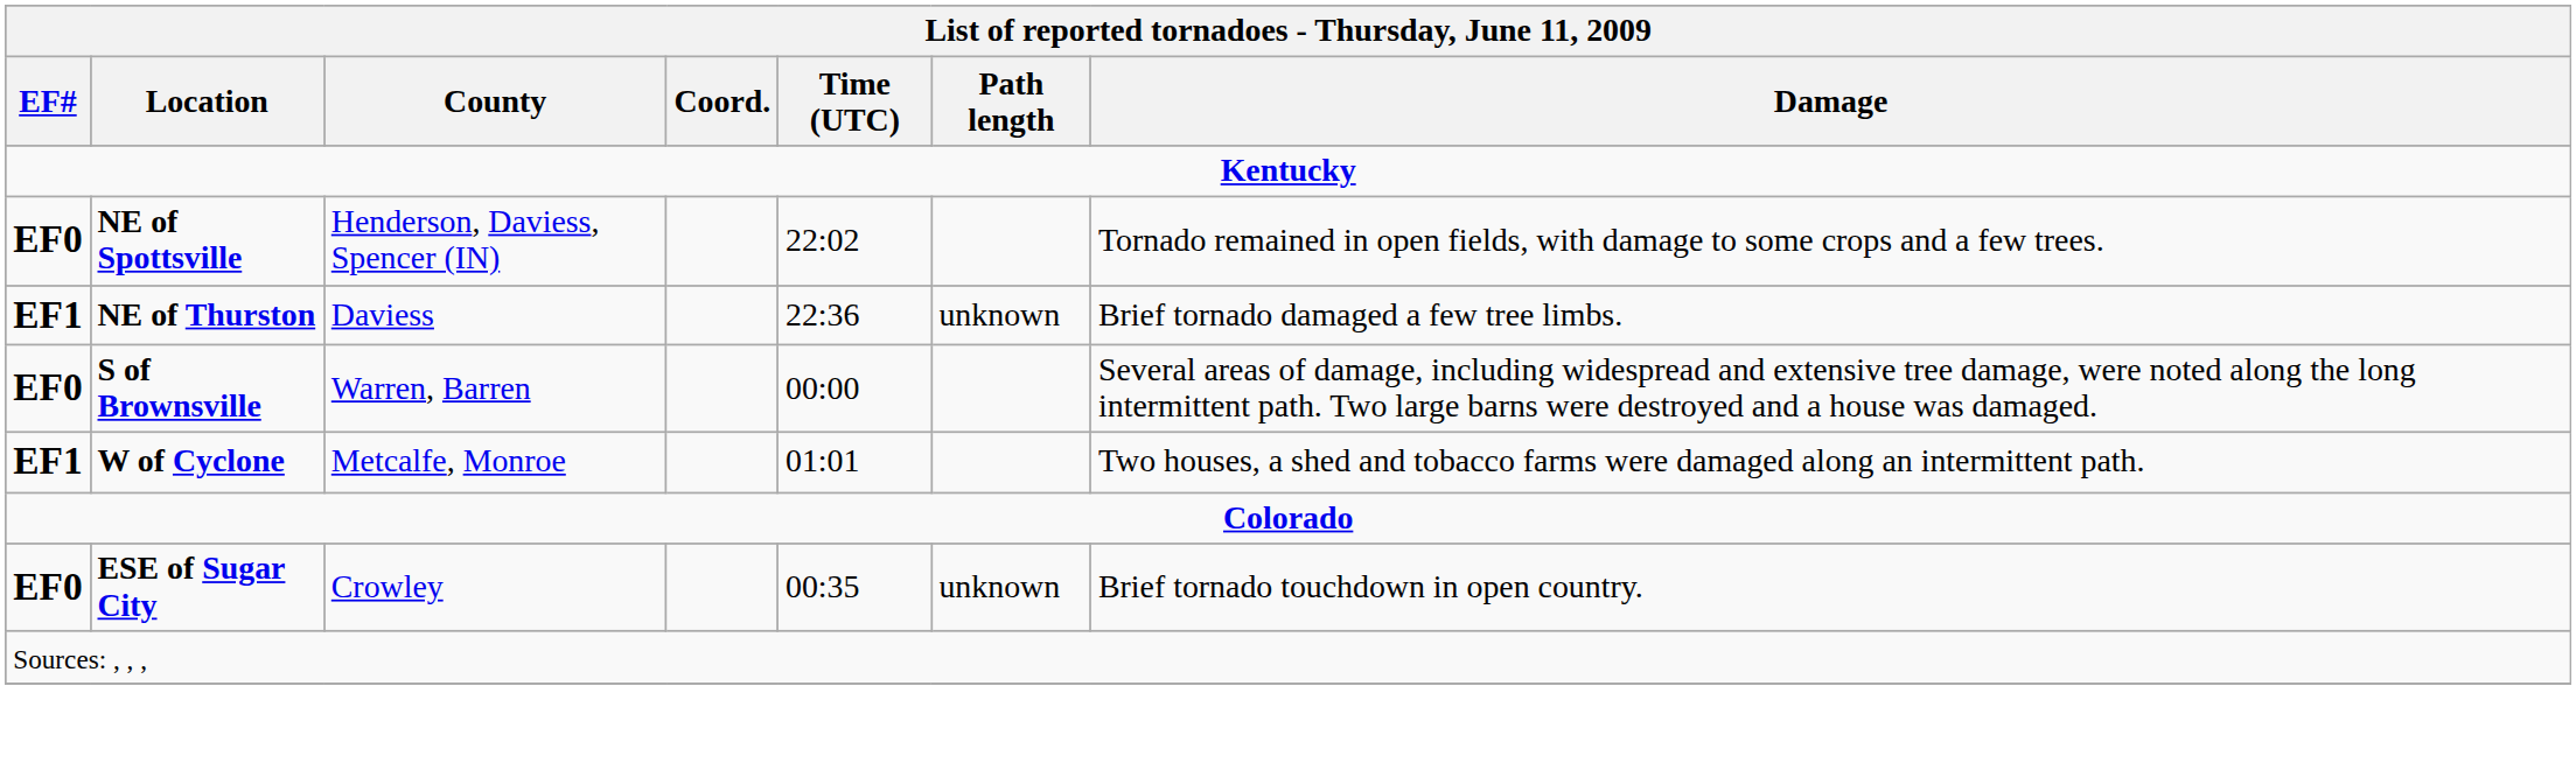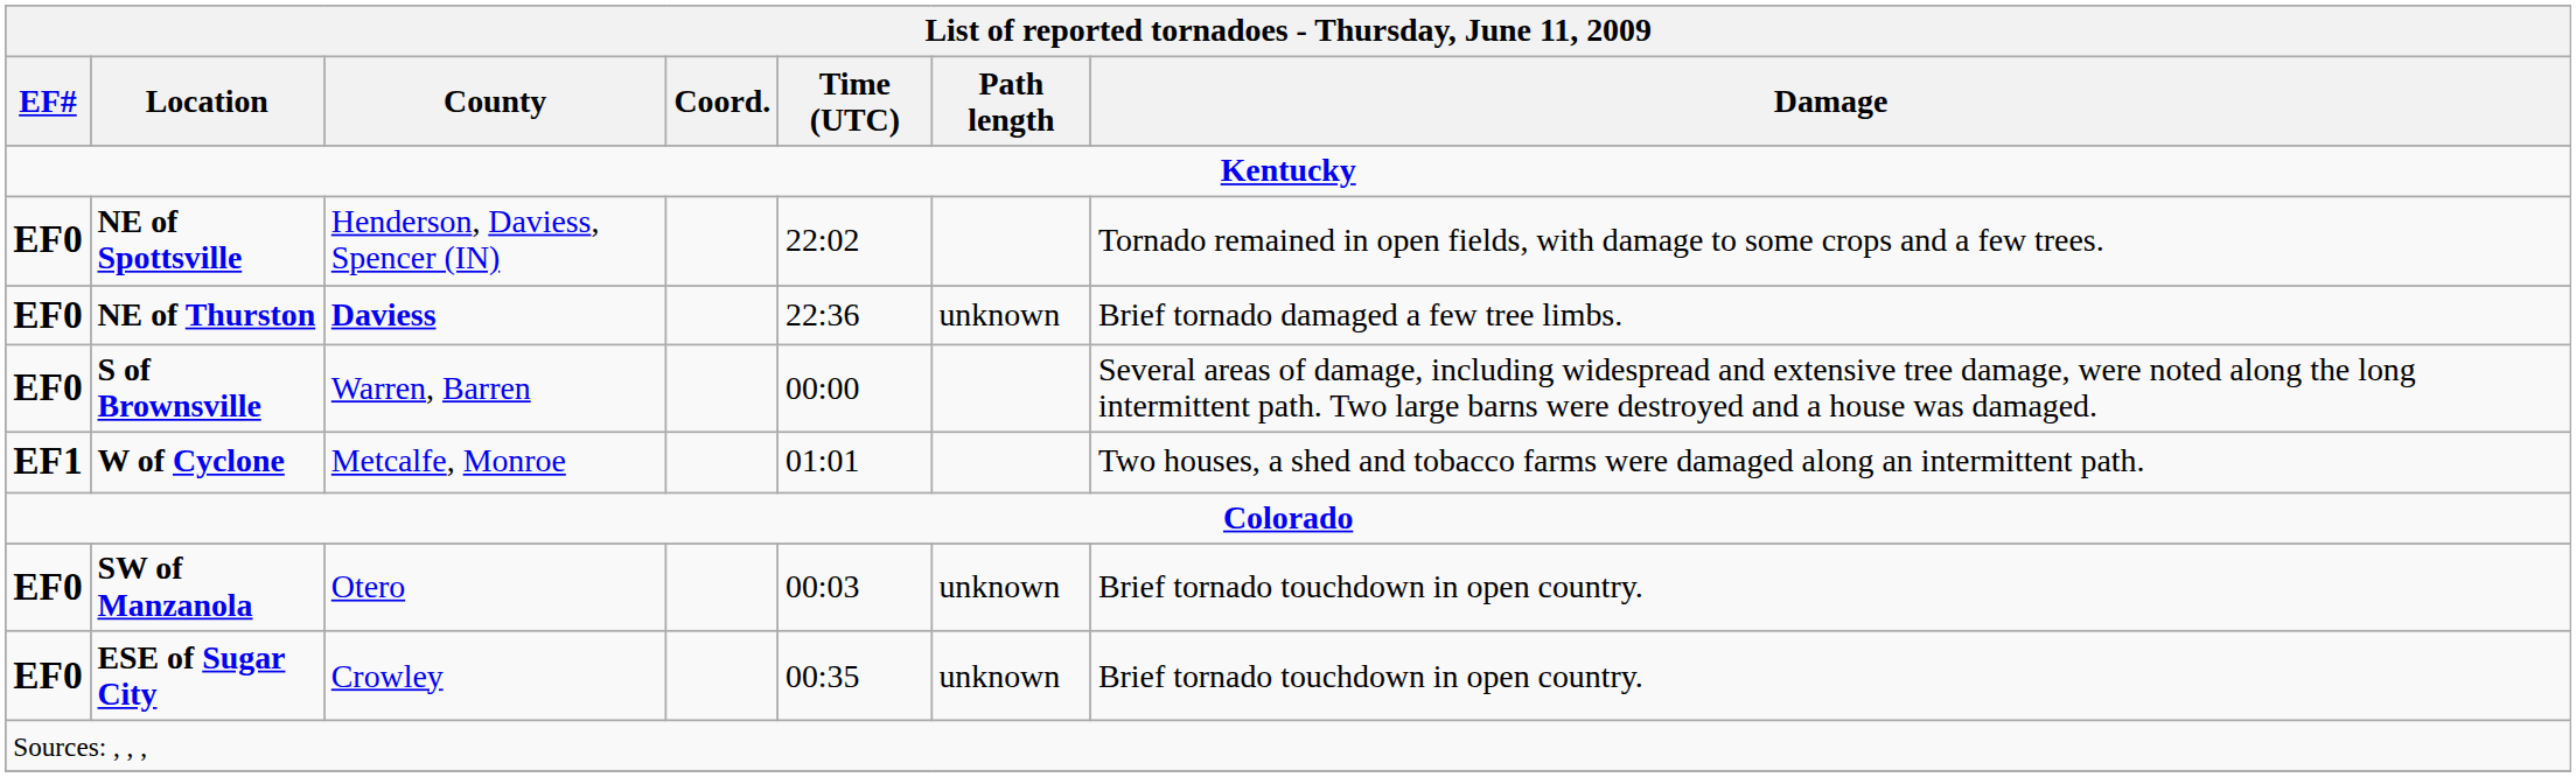 <table class="wikitable collapsible" width="100%">
 <tr>
 <th colspan="7">List of reported tornadoes - Thursday, June 11, 2009</th>
 </tr>
 <tr>
 <th><a href='#'>EF#</a></th>
 <th>Location</th>
 <th>County</th>
 <th>Coord.</th>
 <th>Time (UTC)</th>
 <th>Path length</th>
 <th>Damage</th>
 </tr>
 <tr>
 <td colspan="7" align=center><strong><a href='#'>Kentucky</a></strong></td>
 </tr>
 <tr>
 <td><big><strong>EF0</strong></big></td>
 <td><strong>NE of <a href='#'>Spottsville</a></strong></td>
 <td><a href='#'>Henderson</a>, <a href='#'>Daviess</a>, <a href='#'>Spencer (IN)</a></td>
 <td></td>
 <td>22:02</td>
 <td></td>
 <td>Tornado remained in open fields, with damage to some crops and a few trees.</td>
 </tr>
 <tr>
-<td><big><strong>EF1</strong></big></td>
+<td><big><strong>EF0</strong></big></td>
 <td><strong>NE of <a href='#'>Thurston</a></strong></td>
-<td><a href='#'>Daviess</a></td>
+<td><strong><a href='#'>Daviess</a></strong></td>
 <td></td>
 <td>22:36</td>
 <td>unknown</td>
 <td>Brief tornado damaged a few tree limbs.</td>
 </tr>
 <tr>
 <td><big><strong>EF0</strong></big></td>
 <td><strong>S of <a href='#'>Brownsville</a></strong></td>
 <td><a href='#'>Warren</a>, <a href='#'>Barren</a></td>
 <td></td>
 <td>00:00</td>
 <td></td>
 <td>Several areas of damage, including widespread and extensive tree damage, were noted along the long intermittent path. Two large barns were destroyed and a house was damaged.</td>
 </tr>
 <tr>
 <td><big><strong>EF1</strong></big></td>
 <td><strong>W of <a href='#'>Cyclone</a></strong></td>
 <td><a href='#'>Metcalfe</a>, <a href='#'>Monroe</a></td>
 <td></td>
 <td>01:01</td>
 <td></td>
 <td>Two houses, a shed and tobacco farms were damaged along an intermittent path.</td>
 </tr>
 <tr>
 <td colspan="7" align=center><strong><a href='#'>Colorado</a></strong></td>
 </tr>
 <tr>
 <td><big><strong>EF0</strong></big></td>
+<td><strong>SW of <a href='#'>Manzanola</a></strong></td>
+<td><a href='#'>Otero</a></td>
+<td></td>
+<td>00:03</td>
+<td>unknown</td>
+<td>Brief tornado touchdown in open country.</td>
+</tr>
+<tr>
+<td><big><strong>EF0</strong></big></td>
 <td><strong>ESE of <a href='#'>Sugar City</a></strong></td>
 <td><a href='#'>Crowley</a></td>
 <td></td>
 <td>00:35</td>
 <td>unknown</td>
 <td>Brief tornado touchdown in open country.</td>
 </tr>
 <tr>
 <td colspan="7"><small>Sources: , , , </small></td>
 </tr>
 <tr>
 </tr>
 </table>
